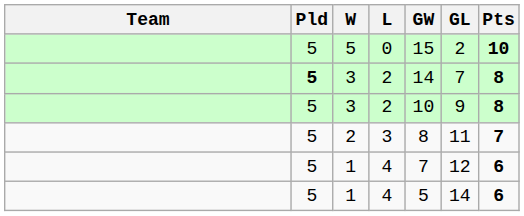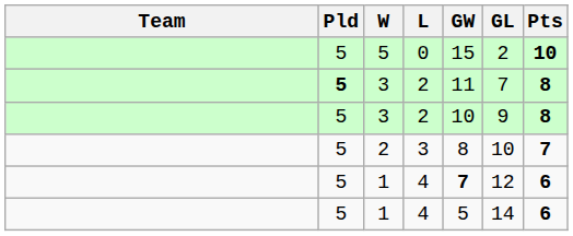 <table class="wikitable" style="text-align:center">
 <tr>
 <th width=200>Team</th>
 <th width=20>Pld</th>
 <th width=20>W</th>
 <th width=20>L</th>
 <th width=20>GW</th>
 <th width=20>GL</th>
 <th width=20>Pts</th>
 </tr>
 <tr bgcolor=ccffcc>
 <td style="text-align:left;"></td>
 <td>5</td>
 <td>5</td>
 <td>0</td>
 <td>15</td>
 <td>2</td>
 <td><strong>10</strong></td>
 </tr>
 <tr bgcolor=ccffcc>
 <td style="text-align:left;"></td>
 <td><strong>5</strong></td>
 <td>3</td>
 <td>2</td>
-<td>14</td>
+<td>11</td>
 <td>7</td>
 <td><strong>8</strong></td>
 </tr>
 <tr bgcolor=ccffcc>
 <td style="text-align:left;"></td>
 <td>5</td>
 <td>3</td>
 <td>2</td>
 <td>10</td>
 <td>9</td>
 <td><strong>8</strong></td>
 </tr>
 <tr>
 <td style="text-align:left;"></td>
 <td>5</td>
 <td>2</td>
 <td>3</td>
 <td>8</td>
-<td>11</td>
+<td>10</td>
 <td><strong>7</strong></td>
 </tr>
 <tr>
 <td style="text-align:left;"></td>
 <td>5</td>
 <td>1</td>
 <td>4</td>
-<td>7</td>
+<td><strong>7</strong></td>
 <td>12</td>
 <td><strong>6</strong></td>
 </tr>
 <tr>
 <td style="text-align:left;"></td>
 <td>5</td>
 <td>1</td>
 <td>4</td>
 <td>5</td>
 <td>14</td>
 <td><strong>6</strong></td>
 </tr>
 </table>
